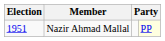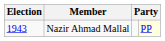 <table class="wikitable">
 <tr>
 <th>Election</th>
 <th>Member</th>
 <th colspan="2">Party</th>
 </tr>
 <tr>
-<td><a href='#'>1951</a></td>
+<td><a href='#'>1943</a></td>
 <td>Nazir Ahmad Mallal</td>
 <td></td>
 <td style="background: lightyellow;"><a href='#'>PP</a></td>
 </tr>
 </table>
